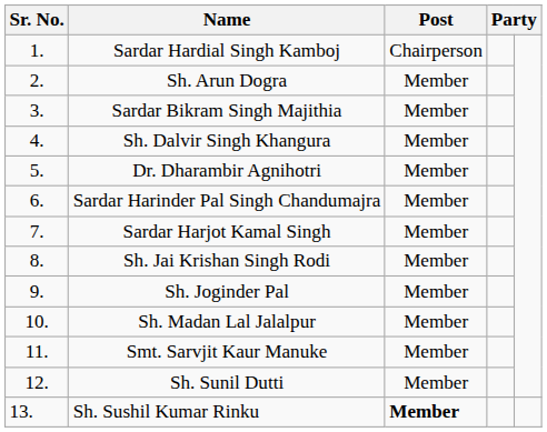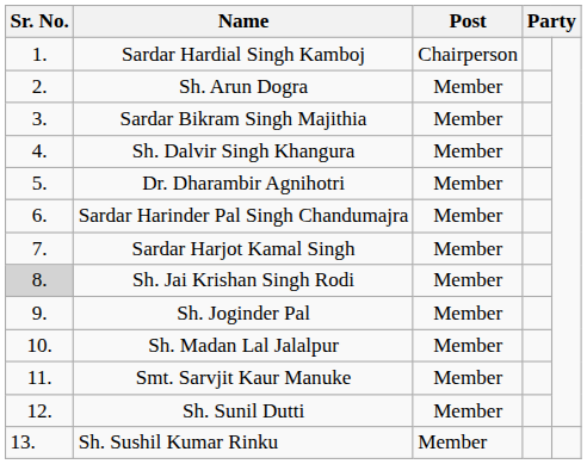 <table class="wikitable sortable">
 <tr>
 <th>Sr. No.</th>
 <th>Name</th>
 <th>Post</th>
 <th colspan="2">Party</th>
 </tr>
 <tr align="center">
 <td>1.</td>
 <td>Sardar Hardial Singh Kamboj</td>
 <td>Chairperson</td>
 <td></td>
 </tr>
 <tr align="center">
 <td>2.</td>
 <td>Sh. Arun Dogra</td>
 <td>Member</td>
 <td></td>
 </tr>
 <tr align="center">
 <td>3.</td>
 <td>Sardar Bikram Singh Majithia</td>
 <td>Member</td>
 <td></td>
 </tr>
 <tr align="center">
 <td>4.</td>
 <td>Sh. Dalvir Singh Khangura</td>
 <td>Member</td>
 <td></td>
 </tr>
 <tr align="center">
 <td>5.</td>
 <td>Dr. Dharambir Agnihotri</td>
 <td>Member</td>
 <td></td>
 </tr>
 <tr align="center">
 <td>6.</td>
 <td>Sardar Harinder Pal Singh Chandumajra</td>
 <td>Member</td>
 <td></td>
 </tr>
 <tr align="center">
 <td>7.</td>
 <td>Sardar Harjot Kamal Singh</td>
 <td>Member</td>
 <td></td>
 </tr>
 <tr align="center">
-<td>8.</td>
+<td style="background: lightgrey;">8.</td>
 <td>Sh. Jai Krishan Singh Rodi</td>
 <td>Member</td>
 <td></td>
 </tr>
 <tr align="center">
 <td>9.</td>
 <td>Sh. Joginder Pal</td>
 <td>Member</td>
 <td></td>
 </tr>
 <tr align="center">
 <td>10.</td>
 <td>Sh. Madan Lal Jalalpur</td>
 <td>Member</td>
 <td></td>
 </tr>
 <tr align="center">
 <td>11.</td>
 <td>Smt. Sarvjit Kaur Manuke</td>
 <td>Member</td>
 <td></td>
 </tr>
 <tr align="center">
 <td>12.</td>
 <td>Sh. Sunil Dutti</td>
 <td>Member</td>
 <td></td>
 </tr>
 <tr>
 <td>13.</td>
 <td>Sh. Sushil Kumar Rinku</td>
-<td><strong>Member</strong></td>
+<td>Member</td>
 <td></td>
 <td></td>
 </tr>
 </table>
